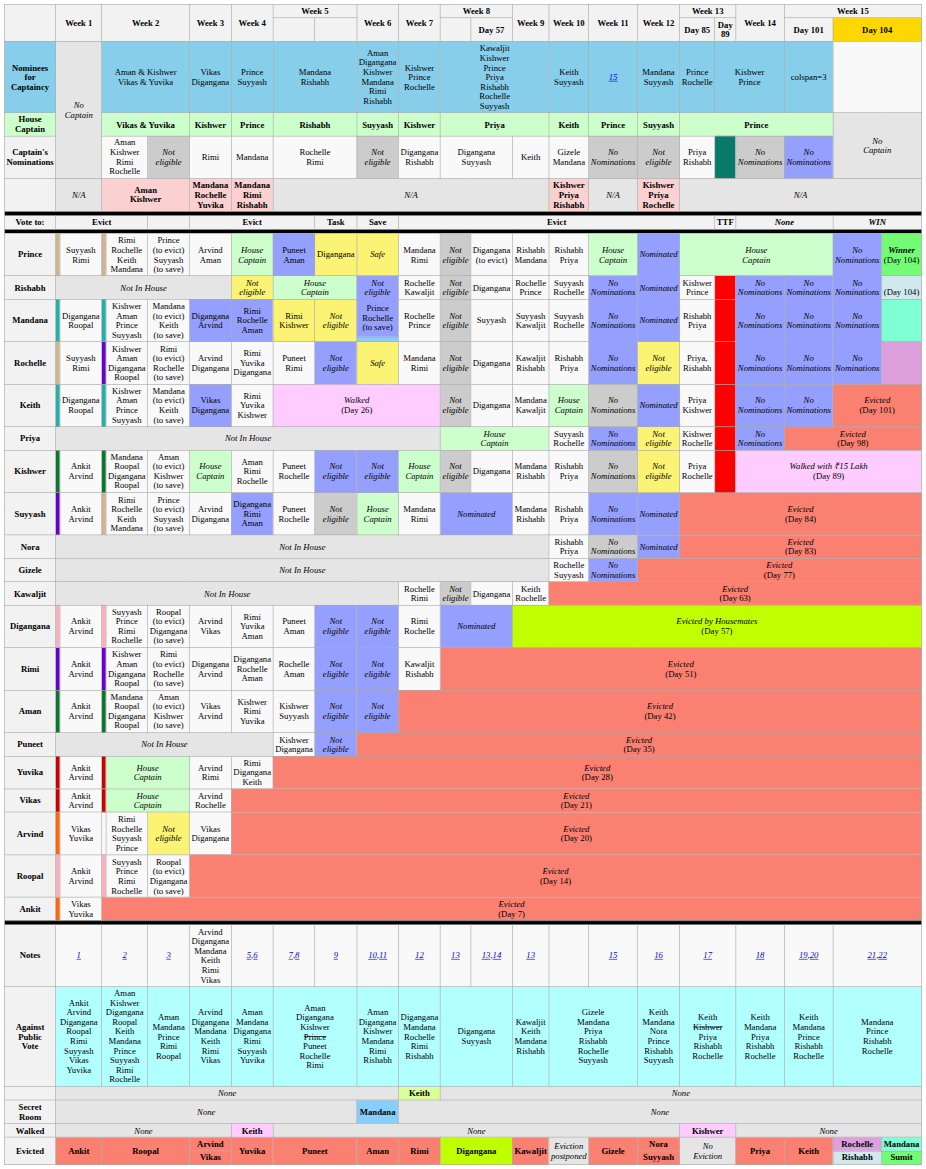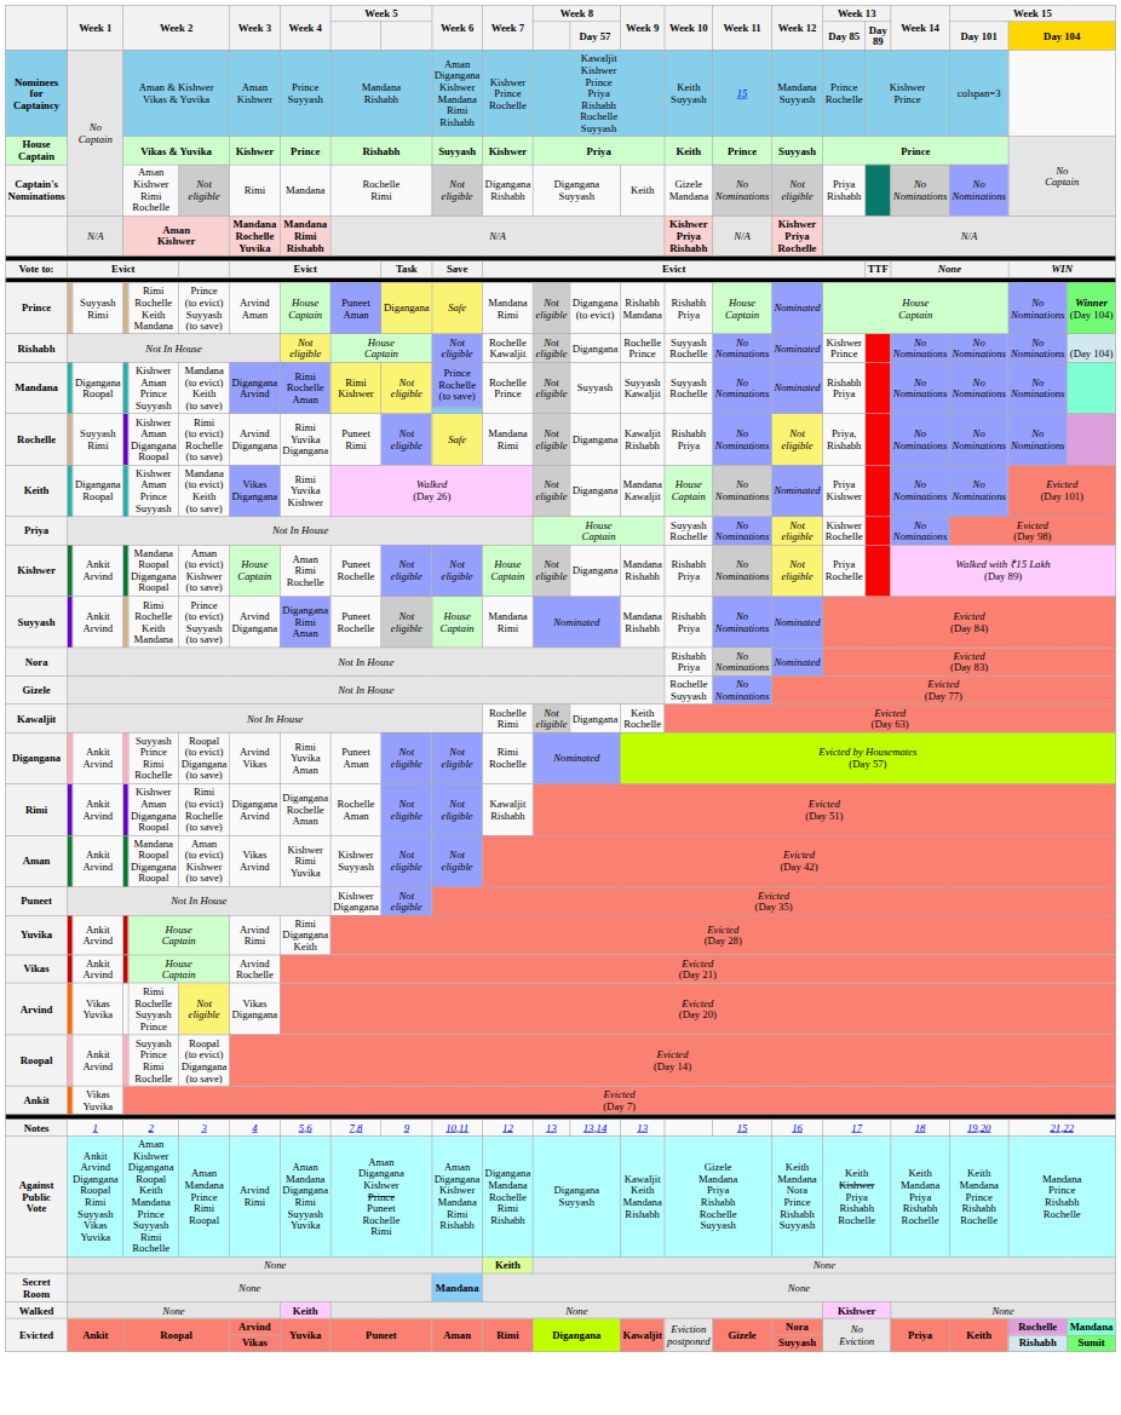 <table class="wikitable" style="text-align:center; width:100%; font-size:85%; line-height:15px;">
 <tr>
 <th rowspan="2" style="width:5%;"></th>
 <th rowspan="2" colspan="2" style="width: 5%;">Week 1</th>
 <th rowspan="2" colspan="3" style="width: 5%;">Week 2</th>
 <th rowspan="2" style="width: 5%;">Week 3</th>
 <th rowspan="2" style="width: 5%;">Week 4</th>
 <th colspan="2" style="width: 5%;">Week 5</th>
 <th rowspan="2" style="width: 5%;">Week 6</th>
 <th rowspan="2" style="width: 5%;">Week 7</th>
 <th colspan="2" style="width: 5%;">Week 8</th>
 <th rowspan="2" style="width: 5%;">Week 9</th>
 <th rowspan="2" style="width: 5%;">Week 10</th>
 <th rowspan="2" style="width: 5%;">Week 11</th>
 <th rowspan="2" style="width: 5%;">Week 12</th>
 <th colspan="2" style="width: 5%;">Week 13</th>
 <th rowspan="2" style="width: 5%;">Week 14</th>
 <th colspan="3" style="width: 5%;" style="background:#FFD700;">Week 15</th>
 </tr>
 <tr>
 <th style="width:5%;"></th>
 <th style="width:5%;"></th>
 <th style="width:5%;"></th>
 <th style="width:5%;">Day 57</th>
 <th style="width:5%;">Day 85</th>
 <th style="width:5%;">Day 89</th>
 <th style="width:5%;">Day 101</th>
 <th colspan="2" style="background:#FFD700">Day 104</th>
 </tr>
 <tr style="background:#87CEEB;" |>
 <th style="background:#87CEEB;">Nominees for<br>Captaincy</th>
 <td colspan="2" rowspan="3" style="background:#E5E5E5;"><em>No<br>Captain</em></td>
 <td colspan="3">Aman & Kishwer<br>Vikas & Yuvika</td>
-<td>Vikas<br>Digangana</td>
+<td>Aman<br>Kishwer</td>
 <td>Prince<br>Suyyash</td>
 <td colspan="2">Mandana<br>Rishabh</td>
 <td>Aman<br>Digangana<br>Kishwer<br>Mandana<br>Rimi<br>Rishabh</td>
 <td>Kishwer<br>Prince<br>Rochelle</td>
 <td colspan="3">Kawaljit<br>Kishwer<br>Prince<br>Priya<br>Rishabh<br>Rochelle<br>Suyyash</td>
 <td>Keith<br>Suyyash</td>
 <td><em><a href='#'>15</a></em></td>
 <td>Mandana<br>Suyyash</td>
 <td>Prince<br>Rochelle</td>
 <td colspan="2">Kishwer<br>Prince</td>
 <td>colspan=3 </td>
 </tr>
 <tr style="background:#cfc;" |>
 <th style="background:#cfc;">House<br>Captain</th>
 <td colspan="3"><strong>Vikas & Yuvika</strong></td>
 <td><strong>Kishwer</strong></td>
 <td><strong>Prince</strong></td>
 <td colspan="2"><strong>Rishabh</strong></td>
 <td><strong>Suyyash</strong></td>
 <td><strong>Kishwer</strong></td>
 <td colspan="3"><strong>Priya</strong></td>
 <td><strong>Keith</strong></td>
 <td><strong>Prince</strong></td>
 <td><strong>Suyyash</strong></td>
 <td colspan="4"><strong>Prince</strong></td>
 <td colspan="2" rowspan="2" style="background:#E5E5E5;"><em>No<br>Captain</em></td>
 </tr>
 <tr>
 <th>Captain's<br>Nominations</th>
 <td colspan="2">Aman<br>Kishwer<br>Rimi<br>Rochelle</td>
 <td style="background:#ccc;"><em>Not<br>eligible</em></td>
 <td>Rimi</td>
 <td>Mandana</td>
 <td colspan="2">Rochelle<br>Rimi</td>
 <td style="background:#ccc;"><em>Not<br>eligible</em></td>
 <td>Digangana<br>Rishabh</td>
 <td colspan="2">Digangana<br>Suyyash</td>
 <td>Keith</td>
 <td>Gizele<br>Mandana</td>
 <td style="background:#ccc;"><em>No<br>Nominations</em></td>
 <td style="background:#ccc;"><em>Not<br>eligible</em></td>
 <td>Priya<br>Rishabh</td>
 <td style="background:#097969;"><em></em></td>
 <td style="background:#ccc;"><em>No<br>Nominations</em></td>
 <td style="background:#959FFD;"><em>No<br>Nominations</em></td>
 </tr>
 <tr style="background:#FAD1D0;" |>
 <th></th>
 <td colspan="2" style="background:#E5E5E5;"><em>N/A</em></td>
 <td colspan="3"><strong>Aman<br>Kishwer</strong></td>
 <td><strong>Mandana<br>Rochelle<br>Yuvika</strong></td>
 <td><strong>Mandana<br>Rimi<br>Rishabh</strong></td>
 <td colspan="7" style="background:#E5E5E5;"><em>N/A</em></td>
 <td><strong>Kishwer<br>Priya<br>Rishabh</strong></td>
 <td style="background:#E5E5E5;"><em>N/A</em></td>
 <td><strong>Kishwer<br>Priya<br>Rochelle</strong></td>
 <td colspan="6" style="background:#E5E5E5;"><em>N/A</em></td>
 </tr>
 <tr>
 <th colspan="24" style="background:#000;"></th>
 </tr>
 <tr>
 <th>Vote to:</th>
 <th colspan="4">Evict</th>
 <th></th>
 <th colspan="3">Evict</th>
 <th>Task</th>
 <th>Save</th>
 <th colspan="8">Evict</th>
 <th>TTF</th>
 <th colspan="2"><em>None</em></th>
 <th colspan="2"><em>WIN</em></th>
 </tr>
 <tr>
 <th colspan="24" style="background:#000;"></th>
 </tr>
 <tr>
 <th>Prince</th>
 <td style="background:#D2B48C"></td>
 <td>Suyyash<br>Rimi</td>
 <td style="background:#D2B48C"></td>
 <td>Rimi<br>Rochelle<br>Keith<br>Mandana</td>
 <td>Prince<br>(to evict)<br>Suyyash<br>(to save)</td>
 <td>Arvind<br>Aman</td>
 <td style="background:#cfc;"><em>House<br>Captain</em></td>
 <td style="background:#959FFD;">Puneet<br>Aman</td>
 <td style="background:#FBF373;">Digangana</td>
 <td style="background:#FBF373;"><em>Safe</em></td>
 <td>Mandana<br>Rimi</td>
 <td style="background:#ccc;"><em>Not<br>eligible</em></td>
 <td>Digangana<br>(to evict)</td>
 <td>Rishabh<br>Mandana</td>
 <td>Rishabh<br>Priya</td>
 <td style="background:#cfc;"><em>House<br>Captain</em></td>
 <td style="background:#959FFD;"><em>Nominated</em></td>
 <td colspan="4" style="background:#cfc;"><em>House<br>Captain</em></td>
 <td style="background:#959FFD;"><em>No<br>Nominations</em></td>
 <td style="background:#73FB76;"><strong><em>Winner</em></strong><br>(Day 104)</td>
 </tr>
 <tr>
 <th>Rishabh</th>
 <td colspan="6" style="background:#E5E5E5;"><em>Not In House</em></td>
 <td style="background:#FBF373;"><em>Not<br>eligible</em></td>
 <td colspan="2" style="background:#cfc;"><em>House<br>Captain</em></td>
 <td style="background:#959FFD;"><em>Not<br>eligible</em></td>
 <td>Rochelle<br>Kawaljit</td>
 <td style="background:#ccc;"><em>Not<br>eligible</em></td>
 <td>Digangana</td>
 <td>Rochelle<br>Prince</td>
 <td>Suyyash<br>Rochelle</td>
 <td style="background:#959FFD;"><em>No<br>Nominations</em></td>
 <td style="background:#959FFD;"><em>Nominated</em></td>
 <td>Kishwer<br>Prince</td>
 <td style="background:#FF0000"></td>
 <td style="background:#959FFD;"><em>No<br>Nominations</em></td>
 <td style="background:#959FFD;"><em>No<br>Nominations</em></td>
 <td style="background:#959FFD;"><em>No<br>Nominations</em></td>
 <td style="background:#D1E8EF;"><br>(Day 104)</td>
 </tr>
 <tr>
 <th rowspan="2">Mandana</th>
 <td rowspan="2" style="background:#20B2AA"></td>
 <td rowspan="2">Digangana<br>Roopal</td>
 <td rowspan="2" style="background:#20B2AA"></td>
 <td rowspan="2">Kishwer<br>Aman<br>Prince<br>Suyyash</td>
 <td rowspan="2">Mandana<br>(to evict)<br>Keith<br>(to save)</td>
 <td rowspan="2" style="background:#959FFD;">Digangana<br>Arvind</td>
 <td rowspan="2" style="background:#959FFD;">Rimi<br>Rochelle<br>Aman</td>
 <td rowspan="2" style="background:#FBF373;">Rimi<br>Kishwer</td>
 <td rowspan="2" style="background:#FBF373;"><em>Not<br>eligible</em></td>
 <td style="background:#959FFD;">Prince<br>Rochelle<br>(to save)</td>
 <td rowspan="2">Rochelle<br>Prince</td>
 <td rowspan="2" style="background:#ccc;"><em>Not<br>eligible</em></td>
 <td rowspan="2">Suyyash</td>
 <td rowspan="2">Suyyash<br>Kawaljit</td>
 <td rowspan="2">Suyyash<br>Rochelle</td>
 <td rowspan="2" style="background:#959FFD;"><em>No<br>Nominations</em></td>
 <td rowspan="2" style="background:#959FFD;"><em>Nominated</em></td>
 <td rowspan="2">Rishabh<br>Priya</td>
 <td rowspan="2" style="background:#FF0000"></td>
 <td rowspan="2" style="background:#959FFD;"><em>No<br>Nominations</em></td>
 <td rowspan="2" style="background:#959FFD;"><em>No<br>Nominations</em></td>
 <td rowspan="2" style="background:#959FFD;"><em>No<br>Nominations</em></td>
 <td rowspan="2" style="background:#7FFFD4;"><strong><em></em></strong><br></td>
 </tr>
 <tr>
 <td style="background:#87CEFA; "></td>
 </tr>
 <tr>
 <th>Rochelle</th>
 <td style="background:#D2B48C"></td>
 <td>Suyyash<br>Rimi</td>
 <td style="background:#60c"></td>
 <td>Kishwer<br>Aman<br>Digangana<br>Roopal</td>
 <td>Rimi<br>(to evict)<br>Rochelle<br>(to save)</td>
 <td>Arvind<br>Digangana</td>
 <td>Rimi<br>Yuvika<br>Digangana</td>
 <td>Puneet<br>Rimi</td>
 <td style="background:#959FFD;"><em>Not<br>eligible</em></td>
 <td style="background:#FBF373;"><em>Safe</em></td>
 <td>Mandana<br>Rimi</td>
 <td style="background:#ccc;"><em>Not<br>eligible</em></td>
 <td>Digangana</td>
 <td>Kawaljit<br>Rishabh</td>
 <td>Rishabh<br>Priya</td>
 <td style="background:#959FFD;"><em>No<br>Nominations</em></td>
 <td style="background:#FBF373;"><em>Not<br>eligible</em></td>
 <td>Priya,<br>Rishabh</td>
 <td style="background:#FF0000"></td>
 <td style="background:#959FFD;"><em>No<br>Nominations</em></td>
 <td style="background:#959FFD;"><em>No<br>Nominations</em></td>
 <td style="background:#959FFD;"><em>No<br>Nominations</em></td>
 <td style="background:#DDA0DD;"></td>
 </tr>
 <tr>
 <th>Keith</th>
 <td style="background:#20B2AA"></td>
 <td>Digangana<br>Roopal</td>
 <td style="background:#20B2AA"></td>
 <td>Kishwer<br>Aman<br>Prince<br>Suyyash</td>
 <td>Mandana<br>(to evict)<br>Keith<br>(to save)</td>
 <td style="background:#959FFD;">Vikas<br>Digangana</td>
 <td>Rimi<br>Yuvika<br>Kishwer</td>
 <td colspan="4" style="background:#fcf;"><em>Walked</em><br>(Day 26)</td>
 <td style="background:#ccc;"><em>Not<br>eligible</em></td>
 <td>Digangana</td>
 <td>Mandana<br>Kawaljit</td>
 <td style="background:#cfc;"><em>House<br>Captain</em></td>
 <td style="background:#ccc;"><em>No<br>Nominations</em></td>
 <td style="background:#959FFD;"><em>Nominated</em></td>
 <td>Priya<br>Kishwer</td>
 <td style="background:#FF0000"></td>
 <td style="background:#959FFD;"><em>No<br>Nominations</em></td>
 <td style="background:#959FFD;"><em>No<br>Nominations</em></td>
 <td colspan="2" style="background:#FA8072"><em>Evicted</em><br>(Day 101)</td>
 </tr>
 <tr>
 <th>Priya</th>
 <td colspan="11" style="background:#E5E5E5;"><em>Not In House</em></td>
 <td colspan="3" style="background:#cfc;"><em>House<br>Captain</em></td>
 <td>Suyyash<br>Rochelle</td>
 <td style="background:#959FFD;"><em>No<br>Nominations</em></td>
 <td style="background:#FBF373;"><em>Not<br>eligible</em></td>
 <td>Kishwer<br>Rochelle</td>
 <td style="background:#FF0000"></td>
 <td style="background:#959FFD;"><em>No<br>Nominations</em></td>
 <td colspan="3" style="background:#FA8072"><em>Evicted</em><br>(Day 98)</td>
 </tr>
 <tr>
 <th>Kishwer</th>
 <td style="background:#087830"></td>
 <td>Ankit<br>Arvind</td>
 <td style="background:#087830"></td>
 <td>Mandana<br>Roopal<br>Digangana<br>Roopal</td>
 <td>Aman<br>(to evict)<br>Kishwer<br>(to save)</td>
 <td style="background:#cfc;"><em>House<br>Captain</em></td>
 <td>Aman<br>Rimi<br>Rochelle</td>
 <td>Puneet<br>Rochelle</td>
 <td style="background:#959FFD;"><em>Not<br>eligible</em></td>
 <td style="background:#959FFD;"><em>Not<br>eligible</em></td>
 <td style="background:#cfc;"><em>House<br>Captain</em></td>
 <td style="background:#ccc;"><em>Not<br>eligible</em></td>
 <td>Digangana</td>
 <td>Mandana<br>Rishabh</td>
 <td>Rishabh<br>Priya</td>
 <td style="background:#ccc;"><em>No<br>Nominations</em></td>
 <td style="background:#FBF373;"><em>Not<br>eligible</em></td>
 <td>Priya<br>Rochelle</td>
 <td style="background:#FF0000"></td>
 <td colspan="4" style="background:#fcf;"><em>Walked with ₹15 Lakh</em><br>(Day 89)</td>
 </tr>
 <tr>
 <th>Suyyash</th>
 <td style="background:#60c"></td>
 <td>Ankit<br>Arvind</td>
 <td style="background:#D2B48C"></td>
 <td>Rimi<br>Rochelle<br>Keith<br>Mandana</td>
 <td>Prince<br>(to evict)<br>Suyyash<br>(to save)</td>
 <td>Arvind<br>Digangana</td>
 <td style="background:#959FFD;">Digangana<br>Rimi<br>Aman</td>
 <td>Puneet<br>Rochelle</td>
 <td style="background:#ccc;"><em>Not<br>eligible</em></td>
 <td style="background:#cfc;"><em>House<br>Captain</em></td>
 <td>Mandana<br>Rimi</td>
 <td colspan="2" style="background:#959FFD;"><em>Nominated</em></td>
 <td>Mandana<br>Rishabh</td>
 <td>Rishabh<br>Priya</td>
 <td style="background:#959FFD;"><em>No<br>Nominations</em></td>
 <td style="background:#959FFD;"><em>Nominated</em></td>
 <td colspan="6" style="background:#FA8072"><em>Evicted</em><br>(Day 84)</td>
 </tr>
 <tr>
 <th>Nora</th>
 <td colspan="14" style="background:#E5E5E5;"><em>Not In House</em></td>
 <td>Rishabh<br>Priya</td>
 <td style="background:#ccc;"><em>No<br>Nominations</em></td>
 <td style="background:#959FFD;"><em>Nominated</em></td>
 <td colspan="6" style="background:#FA8072"><em>Evicted</em><br>(Day 83)</td>
 </tr>
 <tr>
 <th>Gizele</th>
 <td colspan="14" style="background:#E5E5E5;"><em>Not In House</em></td>
 <td>Rochelle<br>Suyyash</td>
 <td style="background:#959FFD;"><em>No<br>Nominations</em></td>
 <td colspan="7" style="background:#FA8072"><em>Evicted</em><br>(Day 77)</td>
 </tr>
 <tr>
 <th>Kawaljit</th>
 <td colspan="10" style="background:#E5E5E5;"><em>Not In House</em></td>
 <td>Rochelle<br>Rimi</td>
 <td style="background:#ccc;"><em>Not<br>eligible</em></td>
 <td>Digangana</td>
 <td>Keith<br>Rochelle</td>
 <td colspan="9" style="background:#FA8072"><em>Evicted</em><br>(Day 63)</td>
 </tr>
 <tr>
 <th>Digangana</th>
 <td style="background:#faafbe"></td>
 <td>Ankit<br>Arvind</td>
 <td style="background:#faafbe"></td>
 <td>Suyyash<br>Prince<br>Rimi<br>Rochelle</td>
 <td>Roopal<br>(to evict)<br>Digangana<br>(to save)</td>
 <td>Arvind<br>Vikas</td>
 <td>Rimi<br>Yuvika<br>Aman</td>
 <td>Puneet<br>Aman</td>
 <td style="background:#959FFD;"><em>Not<br>eligible</em></td>
 <td style="background:#959FFD;"><em>Not<br>eligible</em></td>
 <td>Rimi<br>Rochelle</td>
 <td colspan="2" style="background:#959FFD;"><em>Nominated</em></td>
 <td colspan="10" style="background:#BFFF00;"><em>Evicted by Housemates</em><br>(Day 57)</td>
 </tr>
 <tr>
 <th>Rimi</th>
 <td style="background:#60c"></td>
 <td>Ankit<br>Arvind</td>
 <td style="background:#60c"></td>
 <td>Kishwer<br>Aman<br>Digangana<br>Roopal</td>
 <td>Rimi<br>(to evict)<br>Rochelle<br>(to save)</td>
 <td>Digangana<br>Arvind</td>
 <td>Digangana<br>Rochelle<br>Aman</td>
 <td>Rochelle<br>Aman</td>
 <td style="background:#959FFD;"><em>Not<br>eligible</em></td>
 <td style="background:#959FFD;"><em>Not<br>eligible</em></td>
 <td>Kawaljit<br>Rishabh</td>
 <td colspan="12" style="background:#FA8072"><em>Evicted</em><br>(Day 51)</td>
 </tr>
 <tr>
 <th>Aman</th>
 <td style="background:#087830"></td>
 <td>Ankit<br>Arvind</td>
 <td style="background:#087830"></td>
 <td>Mandana<br>Roopal<br>Digangana<br>Roopal</td>
 <td>Aman<br>(to evict)<br>Kishwer<br>(to save)</td>
 <td>Vikas<br>Arvind</td>
 <td>Kishwer<br>Rimi<br>Yuvika</td>
 <td>Kishwer<br>Suyyash</td>
 <td style="background:#959FFD;"><em>Not<br>eligible</em></td>
 <td style="background:#959FFD;"><em>Not<br>eligible</em></td>
 <td colspan="13" style="background:#FA8072"><em>Evicted</em><br>(Day 42)</td>
 </tr>
 <tr>
 <th>Puneet</th>
 <td colspan="7" style="background:#E5E5E5;"><em>Not In House</em></td>
 <td>Kishwer<br>Digangana</td>
 <td style="background:#959FFD;"><em>Not<br>eligible</em></td>
 <td colspan="14" style="background:#FA8072"><em>Evicted</em><br>(Day 35)</td>
 </tr>
 <tr>
 <th>Yuvika</th>
 <td style="background:#c00"></td>
 <td>Ankit<br>Arvind</td>
 <td style="background:#c00"></td>
 <td colspan="2" style="background:#cfc;"><em>House<br>Captain</em></td>
 <td>Arvind<br>Rimi</td>
 <td>Rimi<br>Digangana<br>Keith</td>
 <td colspan="16" style="background:#FA8072"><em>Evicted</em><br>(Day 28)</td>
 </tr>
 <tr>
 <th>Vikas</th>
 <td style="background:#c00"></td>
 <td>Ankit<br>Arvind</td>
 <td style="background:#c00"></td>
 <td colspan="2" style="background:#cfc;"><em>House<br>Captain</em></td>
 <td>Arvind<br>Rochelle</td>
 <td colspan="17" style="background:#FA8072"><em>Evicted</em><br>(Day 21)</td>
 </tr>
 <tr>
 <th>Arvind</th>
 <td style="background:#f60"></td>
 <td>Vikas<br>Yuvika</td>
 <td></td>
 <td>Rimi<br>Rochelle<br>Suyyash<br>Prince</td>
 <td style="background:#FBF373;"><em>Not<br>eligible</em></td>
 <td>Vikas<br>Digangana</td>
 <td colspan="17" style="background:#FA8072"><em>Evicted</em><br>(Day 20)</td>
 </tr>
 <tr>
 <th>Roopal</th>
 <td style="background:#faafbe"></td>
 <td>Ankit<br>Arvind</td>
 <td style="background:#faafbe"></td>
 <td>Suyyash<br>Prince<br>Rimi<br>Rochelle</td>
 <td>Roopal<br>(to evict)<br>Digangana<br>(to save)</td>
 <td colspan="18" style="background:#FA8072"><em>Evicted</em><br>(Day 14)</td>
 </tr>
 <tr>
 <th>Ankit</th>
 <td style="background:#f60"></td>
 <td>Vikas<br>Yuvika</td>
 <td colspan="21" style="background:#FA8072"><em>Evicted</em><br>(Day 7)</td>
 </tr>
 <tr>
 <th colspan="24" style="background:#000;"></th>
 </tr>
 <tr>
 <th>Notes</th>
 <td colspan="2"><em><a href='#'>1</a></em></td>
 <td colspan="2"><em><a href='#'>2</a></em></td>
 <td><em><a href='#'>3</a></em></td>
-<td>Arvind<br>Digangana<br>Mandana<br>Keith<br>Rimi<br>Vikas</td>
+<td><em><a href='#'>4</a></em></td>
 <td><em><a href='#'>5</a></em>,<em><a href='#'>6</a></em></td>
 <td><em><a href='#'>7</a></em>,<em><a href='#'>8</a></em></td>
 <td><em><a href='#'>9</a></em></td>
 <td><em><a href='#'>10</a></em>,<em><a href='#'>11</a></em></td>
 <td><em><a href='#'>12</a></em></td>
 <td><em><a href='#'>13</a></em></td>
 <td><em><a href='#'>13</a></em>,<em><a href='#'>14</a></em></td>
 <td><em><a href='#'>13</a></em></td>
 <td></td>
 <td><em><a href='#'>15</a></em></td>
 <td><em><a href='#'>16</a></em></td>
 <td colspan="2"><em><a href='#'>17</a></em></td>
 <td><em><a href='#'>18</a></em></td>
 <td><em><a href='#'>19</a></em>,<em><a href='#'>20</a></em></td>
 <td colspan="2"><em><a href='#'>21</a></em>,<em><a href='#'>22</a></em></td>
 </tr>
 <tr style="background:#B2FFFF;">
 <th>Against<br>Public<br>Vote</th>
 <td colspan="2">Ankit<br>Arvind<br>Digangana<br>Roopal<br>Rimi<br>Suyyash<br>Vikas<br>Yuvika</td>
 <td colspan="2">Aman<br>Kishwer<br>Digangana<br>Roopal<br>Keith<br>Mandana<br>Prince<br>Suyyash<br>Rimi<br>Rochelle</td>
 <td>Aman<br>Mandana<br>Prince<br>Rimi<br>Roopal</td>
-<td>Arvind<br>Digangana<br>Mandana<br>Keith<br>Rimi<br>Vikas</td>
+<td>Arvind<br>Rimi</td>
 <td>Aman<br>Mandana<br>Digangana<br>Rimi<br>Suyyash<br>Yuvika</td>
 <td colspan="2">Aman<br>Digangana<br>Kishwer<br><s>Prince</s><br>Puneet<br>Rochelle<br>Rimi</td>
 <td>Aman<br>Digangana<br>Kishwer<br>Mandana<br>Rimi<br>Rishabh</td>
 <td>Digangana<br>Mandana<br>Rochelle<br>Rimi<br>Rishabh</td>
 <td colspan=2>Digangana<br>Suyyash</td>
 <td>Kawaljit<br>Keith<br>Mandana<br>Rishabh</td>
 <td colspan="2">Gizele<br>Mandana<br>Priya<br>Rishabh<br>Rochelle<br>Suyyash</td>
 <td>Keith<br>Mandana<br>Nora<br>Prince<br>Rishabh<br>Suyyash</td>
 <td colspan="2">Keith<br><s>Kishwer</s><br>Priya<br>Rishabh<br>Rochelle</td>
 <td>Keith<br>Mandana<br>Priya<br>Rishabh<br>Rochelle</td>
 <td>Keith<br>Mandana<br>Prince<br>Rishabh<br>Rochelle</td>
 <td colspan="2">Mandana<br>Prince<br>Rishabh<br>Rochelle</td>
 </tr>
 <tr>
 <th></th>
 <td colspan="10" style="background:#E5E5E5;"><em>None</em></td>
 <td style="background:#DAFF99;"><strong>Keith</strong></td>
 <td colspan="12" style="background:#E5E5E5;"><em>None</em></td>
 </tr>
 <tr>
 <th>Secret Room</th>
 <td colspan="9" style="background:#E5E5E5;"><em>None</em></td>
 <td style="background:#87CEFA;"><strong>Mandana</strong></td>
 <td colspan="13" style="background:#E5E5E5;"><em>None</em></td>
 </tr>
 <tr>
 <th>Walked</th>
 <td colspan="6" style="background:#E5E5E5;"><em>None</em></td>
 <td style="background:#fcf;"><strong>Keith</strong></td>
 <td colspan="10" style="background:#E5E5E5;"><em>None</em></td>
 <td colspan="2" style="background:#fcf;"><strong>Kishwer</strong></td>
 <td colspan="4" style="background:#E5E5E5;"><em>None</em></td>
 </tr>
 <tr>
 <th rowspan="3">Evicted</th>
 <td rowspan="3" colspan="2" style="background:#FA8072;"><strong>Ankit</strong></td>
 <td rowspan="3" colspan="3" style="background:#FA8072;"><strong>Roopal</strong></td>
 <td rowspan="2" style="background:#FA8072;"><strong>Arvind</strong></td>
 <td rowspan="3" style="background:#FA8072;"><strong>Yuvika</strong></td>
 <td rowspan="3" colspan="2" style="background:#FA8072;"><strong>Puneet</strong></td>
 <td rowspan="3" style="background:#FA8072;"><strong>Aman</strong></td>
 <td rowspan="3" style="background:#FA8072;"><strong>Rimi</strong></td>
 <td rowspan="3" colspan="2" style="background:#BFFF00;"><strong>Digangana</strong></td>
 <td rowspan="3" style="background:#FA8072;"><strong>Kawaljit</strong></td>
 <td rowspan="3" style="background:#E5E5E5;"><em>Eviction<br>postponed</em></td>
 <td rowspan="3" style="background:#FA8072;"><strong>Gizele</strong></td>
 <td rowspan="2" style="background:#FA8072;"><strong>Nora</strong></td>
 <td rowspan="3" colspan="2" style="background:#E5E5E5;"><em>No<br>Eviction</em></td>
 <td rowspan="3" style="background:#FA8072;"><strong>Priya</strong></td>
 <td rowspan="3" style="background:#FA8072;"><strong>Keith</strong></td>
 <td style="background:#DDA0DD;"><strong>Rochelle</strong></td>
 <td style="background:#7FFFD4;"><strong>Mandana</strong></td>
 </tr>
 <tr>
 <td rowspan="2" style="background:#D1E8EF;"><strong>Rishabh</strong></td>
 <td rowspan="2" style="background:#73FB76;"><strong>Sumit</strong></td>
 </tr>
 <tr>
 <td style="background:#FA8072;"><strong>Vikas</strong></td>
 <td style="background:#FA8072;"><strong>Suyyash</strong></td>
 </tr>
 </table>
